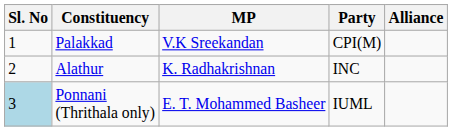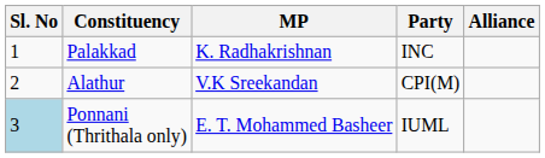 <table class="wikitable sortable" style="font-size: 95%">
 <tr>
 <th scope="col">Sl. No</th>
 <th scope="col">Constituency</th>
 <th scope="col">MP</th>
 <th scope="col">Party</th>
 <th scope="col">Alliance</th>
 </tr>
 <tr po>
 <td>1</td>
 <td><a href='#'>Palakkad</a></td>
-<td><a href='#'>V.K Sreekandan</a></td>
-<td style="background-color:">CPI(M)</td>
+<td><a href='#'>K. Radhakrishnan</a></td>
+<td style="background-color:">INC</td>
 <td></td>
 </tr>
 <tr>
 <td>2</td>
 <td><a href='#'>Alathur</a></td>
-<td><a href='#'>K. Radhakrishnan</a></td>
-<td style="background-color:">INC</td>
+<td><a href='#'>V.K Sreekandan</a></td>
+<td style="background-color:">CPI(M)</td>
 <td></td>
 </tr>
 <tr>
 <td style="background: lightblue;">3</td>
 <td><a href='#'>Ponnani</a><br>(Thrithala only)</td>
 <td><a href='#'>E. T. Mohammed Basheer</a></td>
 <td style="background-color:">IUML</td>
 <td></td>
 </tr>
 </table>
